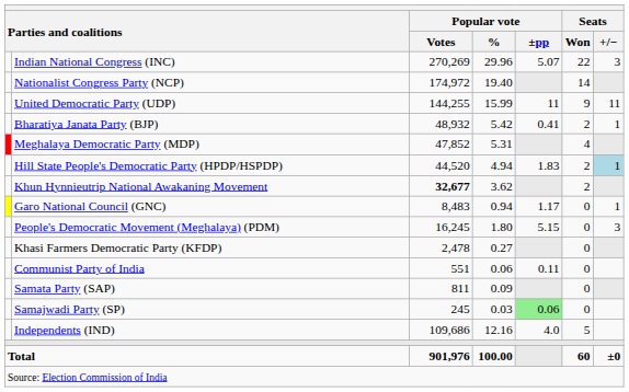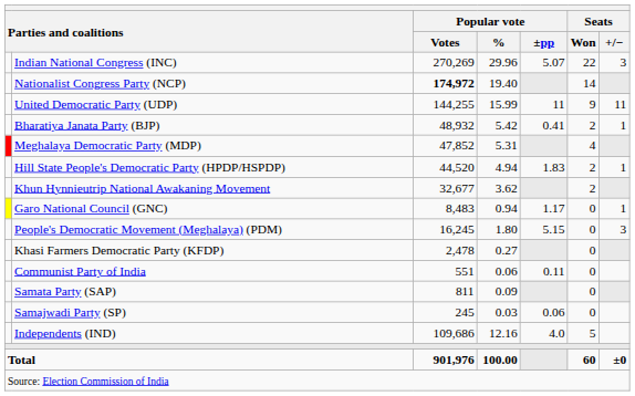 <table class="wikitable" style="text-align:right; font-size:95%;">
 <tr>
 <th colspan=10></th>
 </tr>
 <tr>
 <th style="text-align:left;" rowspan="2" colspan="2" width="485">Parties and coalitions</th>
 <th colspan="3">Popular vote</th>
 <th colspan="2">Seats</th>
 </tr>
 <tr>
 <th width="70">Votes</th>
 <th width="45">%</th>
 <th width="50">±<a href='#'>pp</a></th>
 <th width="30">Won</th>
 <th width="30">+/−</th>
 </tr>
 <tr>
 <td width="1" style="color:inherit;background:"></td>
 <td align="left"><a href='#'>Indian National Congress</a> (INC)</td>
 <td>270,269</td>
 <td>29.96</td>
 <td>5.07 </td>
 <td>22</td>
 <td>3 </td>
 </tr>
 <tr>
 <td></td>
 <td align="left"><a href='#'>Nationalist Congress Party</a> (NCP)</td>
-<td>174,972</td>
+<td><strong>174,972</strong></td>
 <td>19.40</td>
 <td bgcolor="#E9E9E9"></td>
 <td>14</td>
 <td bgcolor="#E9E9E9"></td>
 </tr>
 <tr>
 <td style="color:inherit;background:"></td>
 <td align="left"><a href='#'>United Democratic Party</a> (UDP)</td>
 <td>144,255</td>
 <td>15.99</td>
 <td>11 </td>
 <td>9</td>
 <td>11 </td>
 </tr>
 <tr>
 <td style="color:inherit;background:"></td>
 <td align="left"><a href='#'>Bharatiya Janata Party</a> (BJP)</td>
 <td>48,932</td>
 <td>5.42</td>
 <td>0.41 </td>
 <td>2</td>
 <td>1 </td>
 </tr>
 <tr>
 <td bgcolor="red"></td>
 <td align="left"><a href='#'>Meghalaya Democratic Party</a> (MDP)</td>
 <td>47,852</td>
 <td>5.31</td>
 <td style="color:inherit;background:#E9E9E9"></td>
 <td>4</td>
 <td style="color:inherit;background:#E9E9E9"></td>
 </tr>
 <tr>
 <td style="color:inherit;background:"></td>
 <td align="left"><a href='#'>Hill State People's Democratic Party</a> (HPDP/HSPDP)</td>
 <td>44,520</td>
 <td>4.94</td>
 <td>1.83 </td>
 <td>2</td>
-<td style="background: lightblue;">1 </td>
+<td>1 </td>
 </tr>
 <tr>
 <td style="color:inherit;background:"></td>
 <td align="left"><a href='#'>Khun Hynnieutrip National Awakaning Movement</a></td>
-<td><strong>32,677</strong></td>
+<td>32,677</td>
 <td>3.62</td>
 <td style="color:inherit;background:#E9E9E9"></td>
 <td>2</td>
 <td style="color:inherit;background:#E9E9E9"></td>
 </tr>
 <tr>
 <td bgcolor="yellow"></td>
 <td align="left"><a href='#'>Garo National Council</a> (GNC)</td>
 <td>8,483</td>
 <td>0.94</td>
 <td>1.17 </td>
 <td>0</td>
 <td>1 </td>
 </tr>
 <tr>
 <td></td>
 <td align="left"><a href='#'>People's Democratic Movement (Meghalaya)</a> (PDM)</td>
 <td>16,245</td>
 <td>1.80</td>
 <td>5.15 </td>
 <td>0</td>
 <td>3 </td>
 </tr>
 <tr>
 <td></td>
 <td align="left">Khasi Farmers Democratic Party (KFDP)</td>
 <td>2,478</td>
 <td>0.27</td>
 <td style="color:inherit;background:#E9E9E9"></td>
 <td>0</td>
 <td style="color:inherit;background:#E9E9E9"></td>
 </tr>
 <tr>
 <td></td>
 <td align="left"><a href='#'>Communist Party of India</a></td>
 <td>551</td>
 <td>0.06</td>
 <td>0.11 </td>
 <td>0</td>
 <td></td>
 </tr>
 <tr>
 <td></td>
 <td align="left"><a href='#'>Samata Party</a> (SAP)</td>
 <td>811</td>
 <td>0.09</td>
 <td style="color:inherit;background:#E9E9E9"></td>
 <td>0</td>
 <td style="color:inherit;background:#E9E9E9"></td>
 </tr>
 <tr>
 <td></td>
 <td align="left"><a href='#'>Samajwadi Party</a> (SP)</td>
 <td>245</td>
 <td>0.03</td>
-<td style="background: lightgreen;">0.06 </td>
+<td>0.06 </td>
 <td>0</td>
 <td></td>
 </tr>
 <tr>
 <td></td>
 <td align="left"><a href='#'>Independents</a> (IND)</td>
 <td>109,686</td>
 <td>12.16</td>
 <td>4.0 </td>
 <td>5</td>
 <td></td>
 </tr>
 <tr>
 <td colspan="7" bgcolor="#E9E9E9"></td>
 </tr>
 <tr style="font-weight:bold;">
 <td align="left" colspan="2">Total</td>
 <td>901,976</td>
 <td>100.00</td>
 <td bgcolor="#E9E9E9"></td>
 <td>60</td>
 <td>±0</td>
 </tr>
 <tr>
 <td style="text-align:left;" colspan="7"><small>Source: <a href='#'>Election Commission of India</a></small></td>
 </tr>
 </table>
